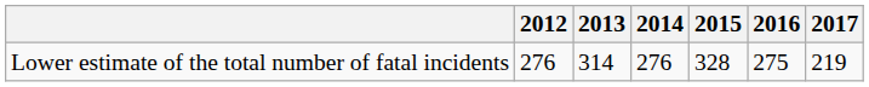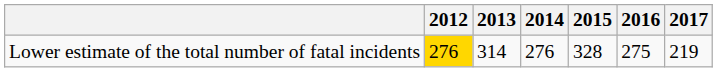 <table class="wikitable">
 <tr>
 <th></th>
 <th>2012</th>
 <th>2013</th>
 <th>2014</th>
 <th>2015</th>
 <th>2016</th>
 <th>2017</th>
 </tr>
 <tr>
 <td>Lower estimate of the total number of fatal incidents</td>
-<td>276</td>
+<td style="background: gold;">276</td>
 <td>314</td>
 <td>276</td>
 <td>328</td>
 <td>275</td>
 <td>219</td>
 </tr>
 </table>
